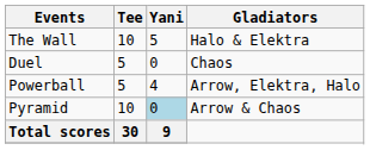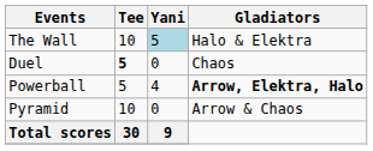 <table class="wikitable">
 <tr>
 <th>Events</th>
 <th>Tee</th>
 <th>Yani</th>
 <th>Gladiators</th>
 </tr>
 <tr>
 <td>The Wall</td>
 <td>10</td>
-<td>5</td>
+<td style="background: lightblue;">5</td>
 <td>Halo & Elektra</td>
 </tr>
 <tr>
 <td>Duel</td>
-<td>5</td>
+<td><strong>5</strong></td>
 <td>0</td>
 <td>Chaos</td>
 </tr>
 <tr>
 <td>Powerball</td>
 <td>5</td>
 <td>4</td>
-<td>Arrow, Elektra, Halo</td>
+<td><strong>Arrow, Elektra, Halo</strong></td>
 </tr>
 <tr>
 <td>Pyramid</td>
 <td>10</td>
-<td style="background: lightblue;">0</td>
+<td>0</td>
 <td>Arrow & Chaos</td>
 </tr>
 <tr>
 <th>Total scores</th>
 <th>30</th>
 <th>9</th>
 </tr>
 <tr>
 </tr>
 </table>
